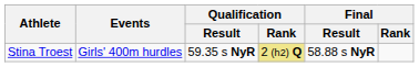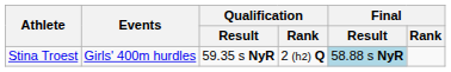 <table class="wikitable" style="font-size:90%; text-align:center;">
 <tr>
 <th rowspan="2">Athlete</th>
 <th rowspan="2">Events</th>
 <th colspan="2">Qualification</th>
 <th colspan="2">Final</th>
 </tr>
 <tr>
 <th>Result</th>
 <th>Rank</th>
 <th>Result</th>
 <th>Rank</th>
 </tr>
 <tr>
 <td style="text-align:left;"><a href='#'>Stina Troest</a></td>
 <td style="text-align:left;"><a href='#'>Girls' 400m hurdles</a></td>
 <td>59.35 s <strong>NyR</strong></td>
-<td style="background: khaki;">2 <small>(h2)</small> <strong>Q</strong></td>
-<td>58.88 s <strong>NyR</strong></td>
+<td>2 <small>(h2)</small> <strong>Q</strong></td>
+<td style="background: lightblue;">58.88 s <strong>NyR</strong></td>
 <td></td>
 </tr>
 </table>
